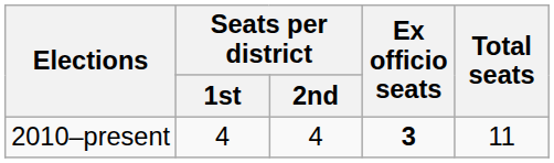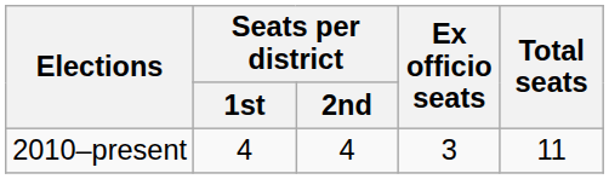 <table class="wikitable">
 <tr>
 <th rowspan="2">Elections</th>
 <th colspan="2">Seats per district</th>
 <th rowspan="2" width="50px">Ex officio seats</th>
 <th rowspan="2" width="50px">Total seats</th>
 </tr>
 <tr>
 <th width="50px">1st</th>
 <th width="50px">2nd</th>
 </tr>
 <tr align="center">
 <td>2010–present</td>
 <td>4</td>
 <td>4</td>
-<td><strong>3</strong></td>
+<td>3</td>
 <td>11</td>
 </tr>
 </table>
